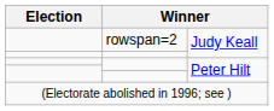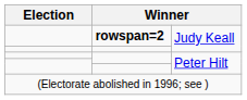 <table class=wikitable>
 <tr>
 <th width=100>Election</th>
 <th width=175 colspan=2>Winner</th>
 </tr>
 <tr>
 <td></td>
-<td>rowspan=2 </td>
+<td><strong>rowspan=2 </strong></td>
 <td rowspan=2><a href='#'>Judy Keall</a></td>
 </tr>
 <tr>
 <td></td>
 </tr>
 <tr>
 <td></td>
 <td style="border-bottom:solid 0 grey; background:"></td>
 <td rowspan = 3><a href='#'>Peter Hilt</a></td>
 </tr>
 <tr>
 <td rowspan = 2></td>
 <td style="border-top:solid 0 grey; background:"></td>
 </tr>
 <tr>
 <td height=5 style="border-top:solid 0 grey; background:"></td>
 </tr>
 <tr>
 <td colspan=3 align=center><small>(Electorate abolished in 1996; see )</small></td>
 </tr>
 </table>
